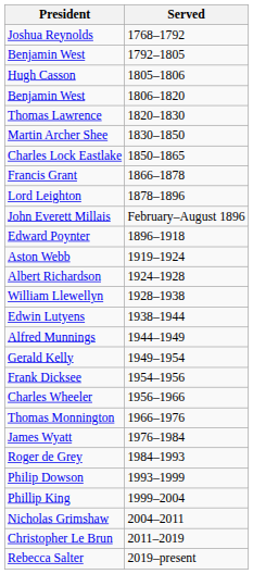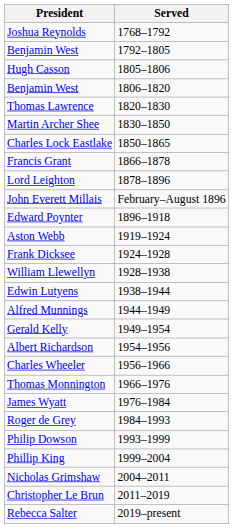 <table class="wikitable">
 <tr>
 <th>President</th>
 <th>Served</th>
 </tr>
 <tr>
 <td><a href='#'>Joshua Reynolds</a></td>
 <td>1768–1792</td>
 </tr>
 <tr>
 <td><a href='#'>Benjamin West</a></td>
 <td>1792–1805</td>
 </tr>
 <tr>
 <td><a href='#'>Hugh Casson</a></td>
 <td>1805–1806</td>
 </tr>
 <tr>
 <td><a href='#'>Benjamin West</a></td>
 <td>1806–1820</td>
 </tr>
 <tr>
 <td><a href='#'>Thomas Lawrence</a></td>
 <td>1820–1830</td>
 </tr>
 <tr>
 <td><a href='#'>Martin Archer Shee</a></td>
 <td>1830–1850</td>
 </tr>
 <tr>
 <td><a href='#'>Charles Lock Eastlake</a></td>
 <td>1850–1865</td>
 </tr>
 <tr>
 <td><a href='#'>Francis Grant</a></td>
 <td>1866–1878</td>
 </tr>
 <tr>
 <td><a href='#'>Lord Leighton</a></td>
 <td>1878–1896</td>
 </tr>
 <tr>
 <td><a href='#'>John Everett Millais</a></td>
 <td>February–August 1896</td>
 </tr>
 <tr>
 <td><a href='#'>Edward Poynter</a></td>
 <td>1896–1918</td>
 </tr>
 <tr>
 <td><a href='#'>Aston Webb</a></td>
 <td>1919–1924</td>
 </tr>
 <tr>
-<td><a href='#'>Albert Richardson</a></td>
+<td><a href='#'>Frank Dicksee</a></td>
 <td>1924–1928</td>
 </tr>
 <tr>
 <td><a href='#'>William Llewellyn</a></td>
 <td>1928–1938</td>
 </tr>
 <tr>
 <td><a href='#'>Edwin Lutyens</a></td>
 <td>1938–1944</td>
 </tr>
 <tr>
 <td><a href='#'>Alfred Munnings</a></td>
 <td>1944–1949</td>
 </tr>
 <tr>
 <td><a href='#'>Gerald Kelly</a></td>
 <td>1949–1954</td>
 </tr>
 <tr>
-<td><a href='#'>Frank Dicksee</a></td>
+<td><a href='#'>Albert Richardson</a></td>
 <td>1954–1956</td>
 </tr>
 <tr>
 <td><a href='#'>Charles Wheeler</a></td>
 <td>1956–1966</td>
 </tr>
 <tr>
 <td><a href='#'>Thomas Monnington</a></td>
 <td>1966–1976</td>
 </tr>
 <tr>
 <td><a href='#'>James Wyatt</a></td>
 <td>1976–1984</td>
 </tr>
 <tr>
 <td><a href='#'>Roger de Grey</a></td>
 <td>1984–1993</td>
 </tr>
 <tr>
 <td><a href='#'>Philip Dowson</a></td>
 <td>1993–1999</td>
 </tr>
 <tr>
 <td><a href='#'>Phillip King</a></td>
 <td>1999–2004</td>
 </tr>
 <tr>
 <td><a href='#'>Nicholas Grimshaw</a></td>
 <td>2004–2011</td>
 </tr>
 <tr>
 <td><a href='#'>Christopher Le Brun</a></td>
 <td>2011–2019</td>
 </tr>
 <tr>
 <td><a href='#'>Rebecca Salter</a></td>
 <td>2019–present</td>
 </tr>
 </table>
